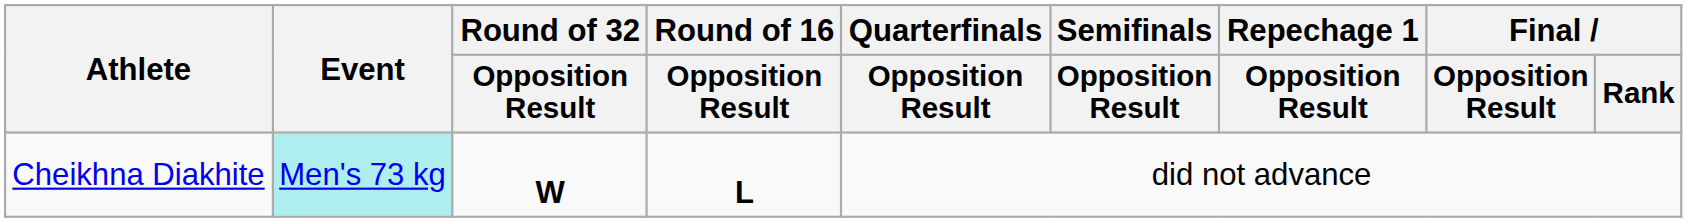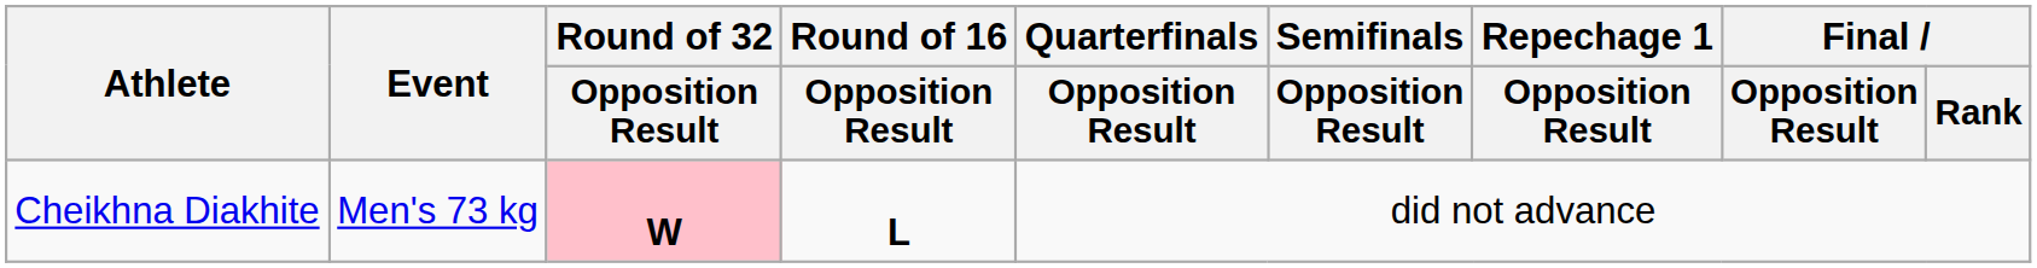 <table class="wikitable" style="font-size:90%">
 <tr>
 <th rowspan="2">Athlete</th>
 <th rowspan="2">Event</th>
 <th>Round of 32</th>
 <th>Round of 16</th>
 <th>Quarterfinals</th>
 <th>Semifinals</th>
 <th>Repechage 1</th>
 <th colspan=2>Final / </th>
 </tr>
 <tr style="font-size:95%">
 <th>Opposition<br>Result</th>
 <th>Opposition<br>Result</th>
 <th>Opposition<br>Result</th>
 <th>Opposition<br>Result</th>
 <th>Opposition<br>Result</th>
 <th>Opposition<br>Result</th>
 <th>Rank</th>
 </tr>
 <tr align=center>
 <td align=left><a href='#'>Cheikhna Diakhite</a></td>
-<td style="background: paleturquoise;"><a href='#'>Men's 73 kg</a></td>
-<td><br><strong>W</strong></td>
+<td><a href='#'>Men's 73 kg</a></td>
+<td style="background: pink;"><br><strong>W</strong></td>
 <td><br><strong>L</strong></td>
 <td colspan=5>did not advance</td>
 </tr>
 </table>
